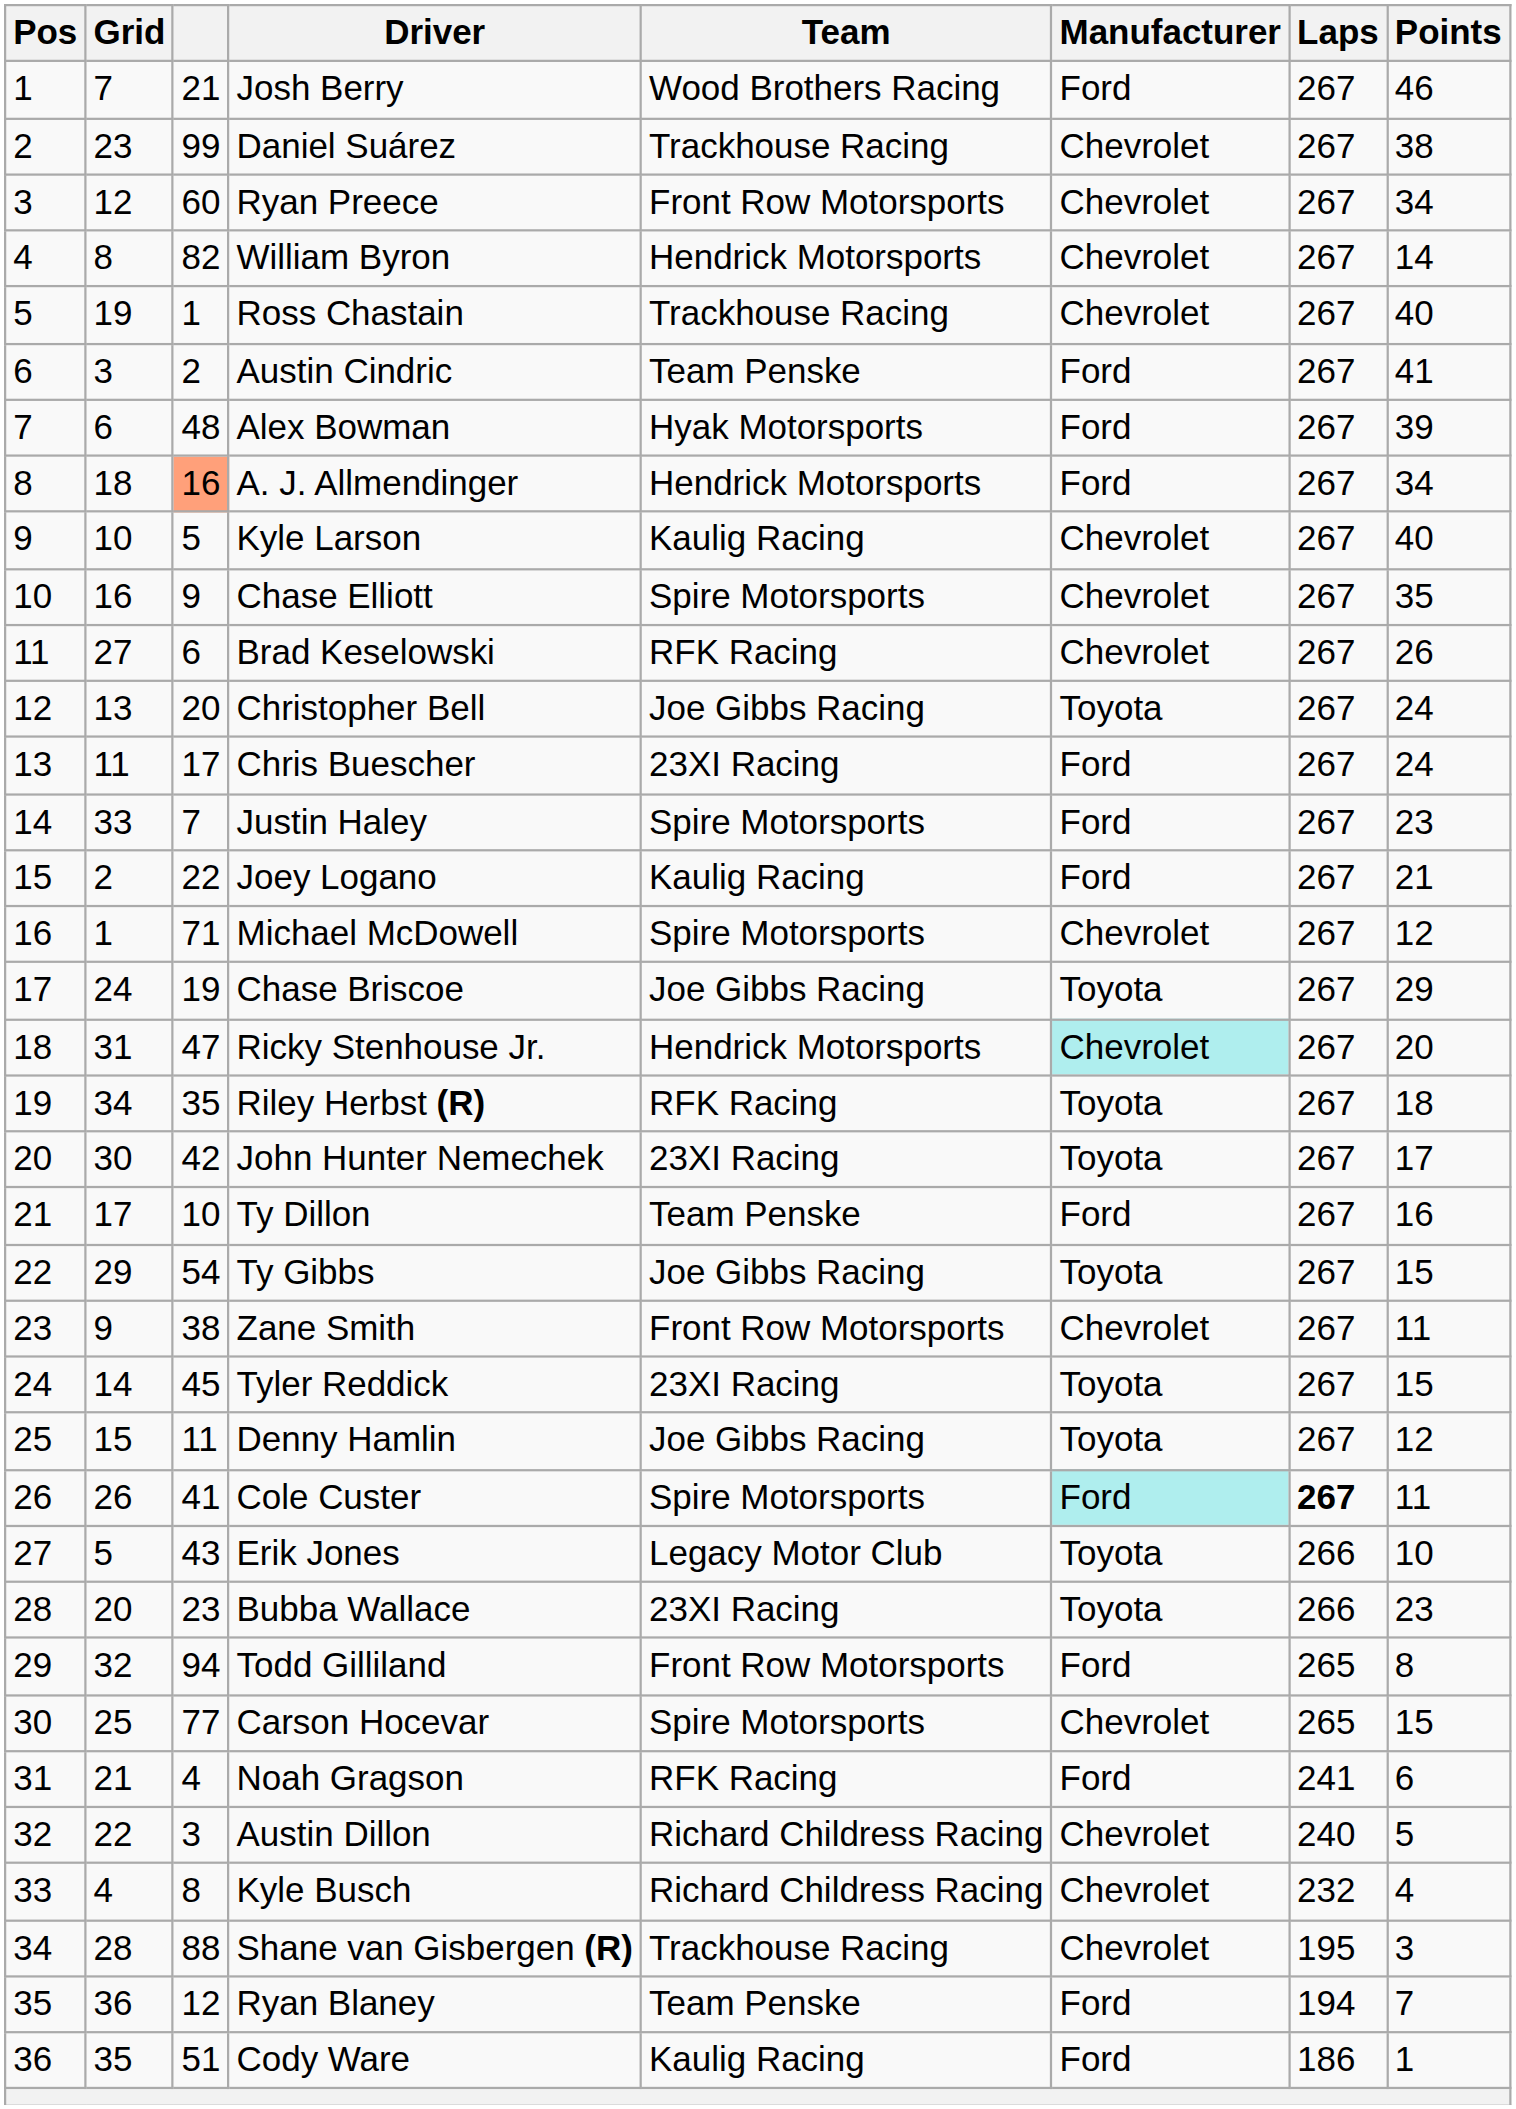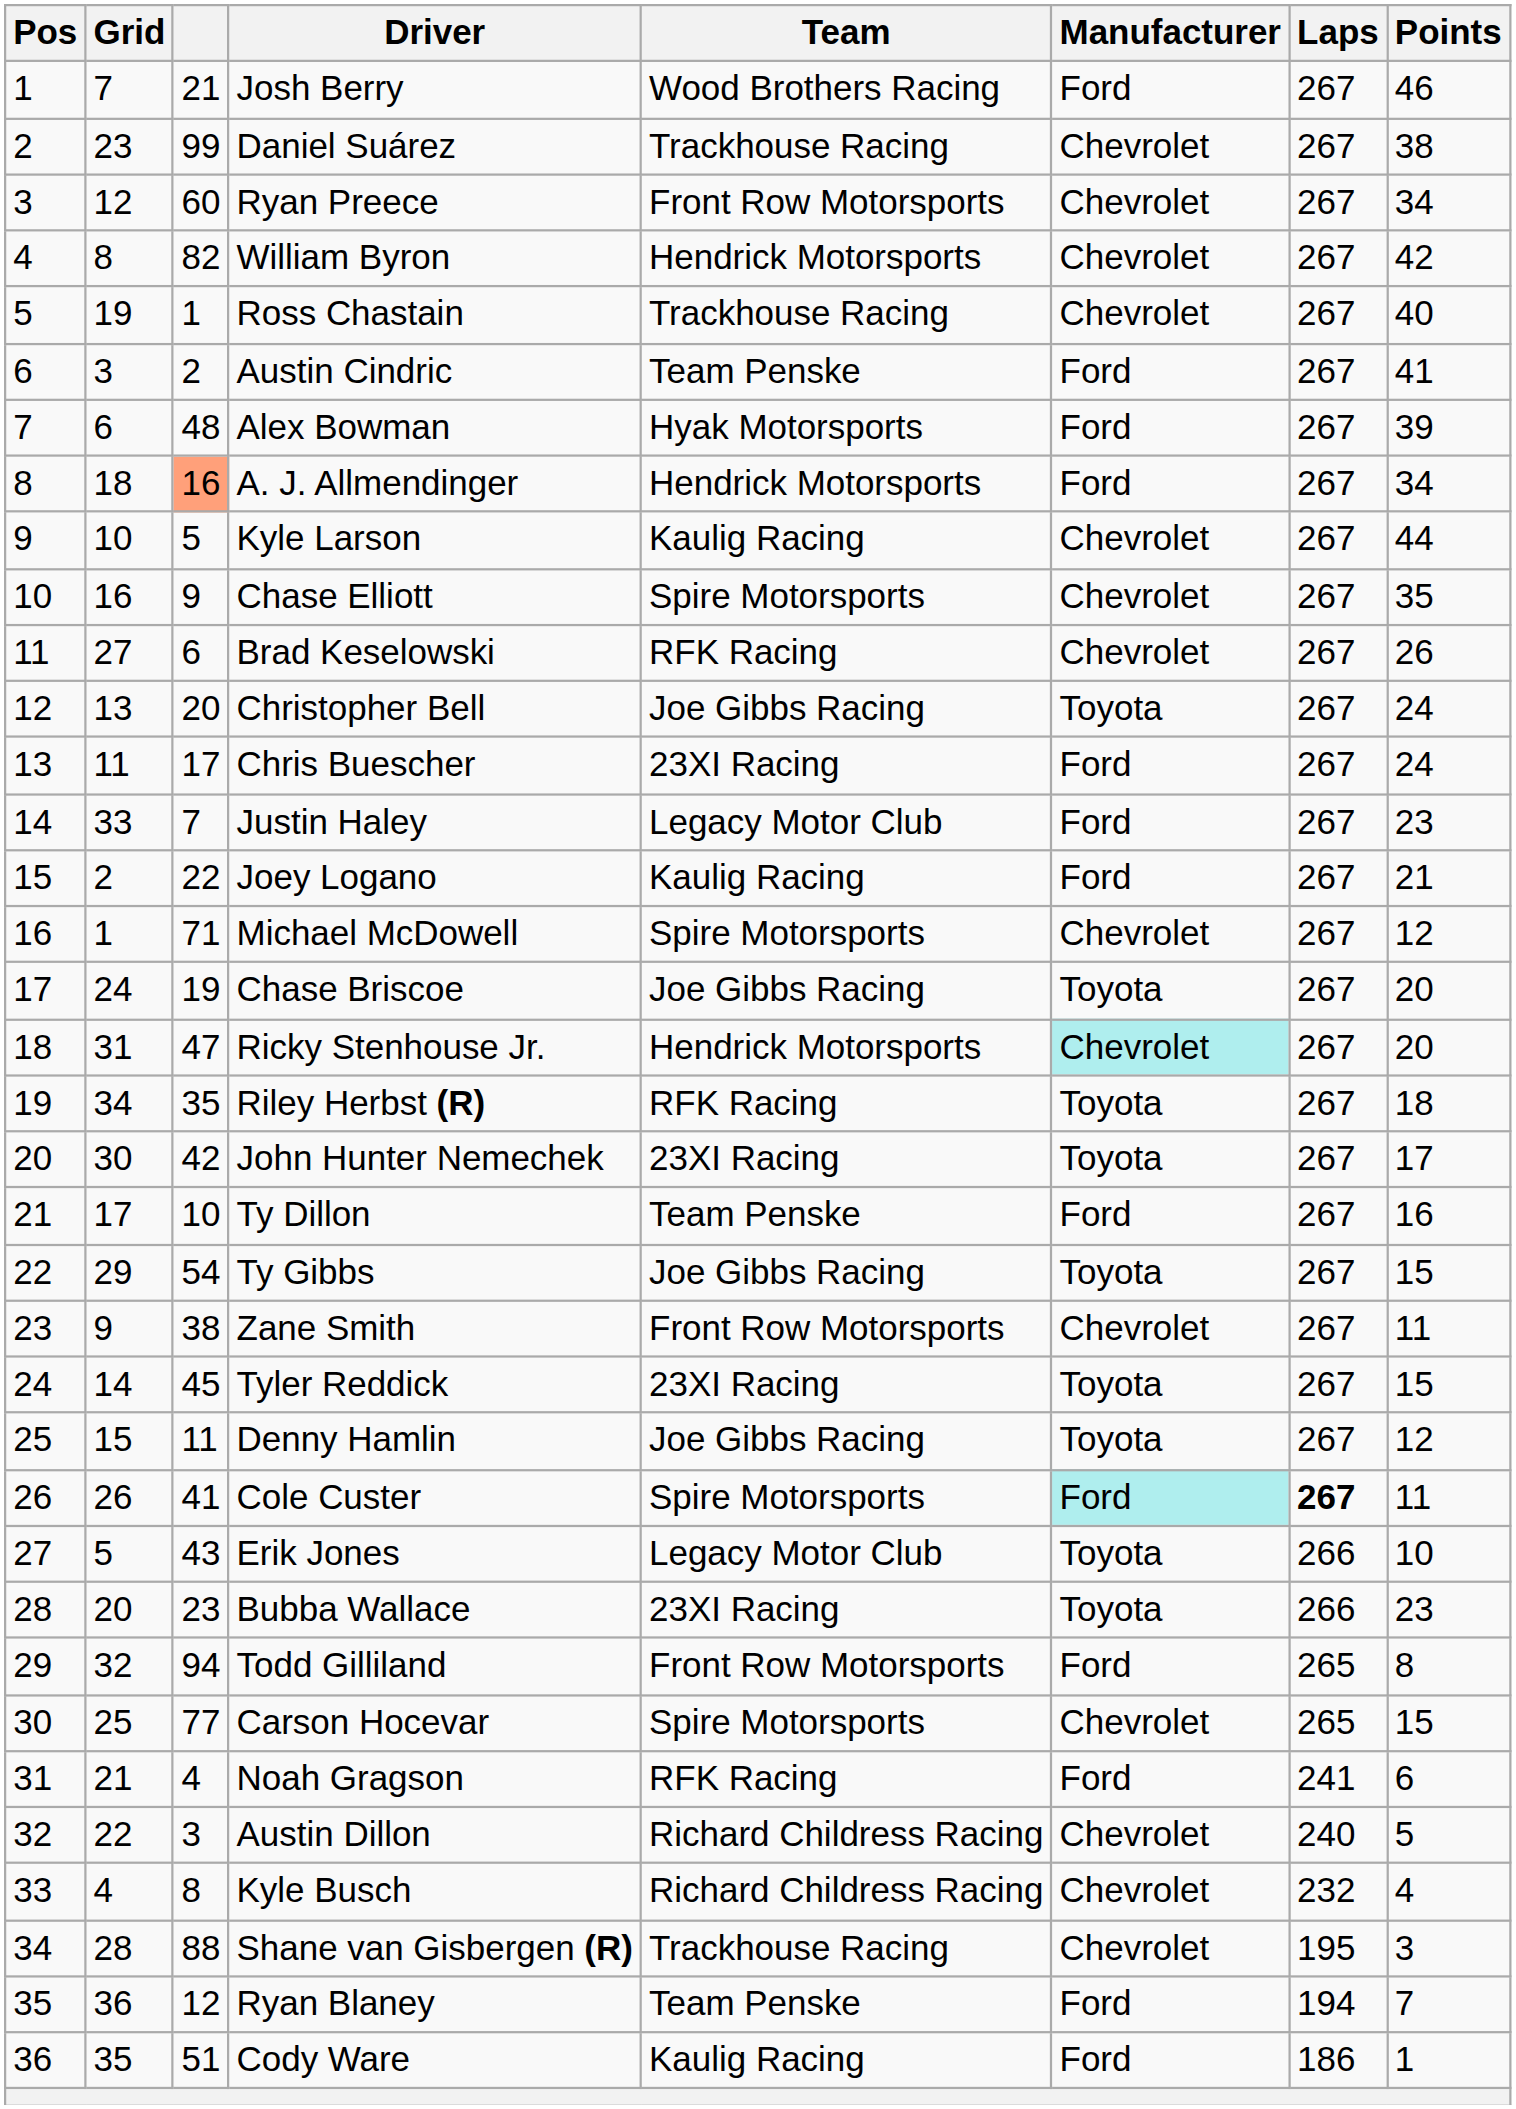 <table class="wikitable" style="font-size:98%">
 <tr>
 <th>Pos</th>
 <th>Grid</th>
 <th></th>
 <th>Driver</th>
 <th>Team</th>
 <th>Manufacturer</th>
 <th>Laps</th>
 <th>Points</th>
 </tr>
 <tr>
 <td>1</td>
 <td>7</td>
 <td>21</td>
 <td>Josh Berry</td>
 <td>Wood Brothers Racing</td>
 <td>Ford</td>
 <td>267</td>
 <td>46</td>
 </tr>
 <tr>
 <td>2</td>
 <td>23</td>
 <td>99</td>
 <td>Daniel Suárez</td>
 <td>Trackhouse Racing</td>
 <td>Chevrolet</td>
 <td>267</td>
 <td>38</td>
 </tr>
 <tr>
 <td>3</td>
 <td>12</td>
 <td>60</td>
 <td>Ryan Preece</td>
 <td>Front Row Motorsports</td>
 <td>Chevrolet</td>
 <td>267</td>
 <td>34</td>
 </tr>
 <tr>
 <td>4</td>
 <td>8</td>
 <td>82</td>
 <td>William Byron</td>
 <td>Hendrick Motorsports</td>
 <td>Chevrolet</td>
 <td>267</td>
-<td>14</td>
+<td>42</td>
 </tr>
 <tr>
 <td>5</td>
 <td>19</td>
 <td>1</td>
 <td>Ross Chastain</td>
 <td>Trackhouse Racing</td>
 <td>Chevrolet</td>
 <td>267</td>
 <td>40</td>
 </tr>
 <tr>
 <td>6</td>
 <td>3</td>
 <td>2</td>
 <td>Austin Cindric</td>
 <td>Team Penske</td>
 <td>Ford</td>
 <td>267</td>
 <td>41</td>
 </tr>
 <tr>
 <td>7</td>
 <td>6</td>
 <td>48</td>
 <td>Alex Bowman</td>
 <td>Hyak Motorsports</td>
 <td>Ford</td>
 <td>267</td>
 <td>39</td>
 </tr>
 <tr>
 <td>8</td>
 <td>18</td>
 <td style="background: lightsalmon;">16</td>
 <td>A. J. Allmendinger</td>
 <td>Hendrick Motorsports</td>
 <td>Ford</td>
 <td>267</td>
 <td>34</td>
 </tr>
 <tr>
 <td>9</td>
 <td>10</td>
 <td>5</td>
 <td>Kyle Larson</td>
 <td>Kaulig Racing</td>
 <td>Chevrolet</td>
 <td>267</td>
-<td>40</td>
+<td>44</td>
 </tr>
 <tr>
 <td>10</td>
 <td>16</td>
 <td>9</td>
 <td>Chase Elliott</td>
 <td>Spire Motorsports</td>
 <td>Chevrolet</td>
 <td>267</td>
 <td>35</td>
 </tr>
 <tr>
 <td>11</td>
 <td>27</td>
 <td>6</td>
 <td>Brad Keselowski</td>
 <td>RFK Racing</td>
 <td>Chevrolet</td>
 <td>267</td>
 <td>26</td>
 </tr>
 <tr>
 <td>12</td>
 <td>13</td>
 <td>20</td>
 <td>Christopher Bell</td>
 <td>Joe Gibbs Racing</td>
 <td>Toyota</td>
 <td>267</td>
 <td>24</td>
 </tr>
 <tr>
 <td>13</td>
 <td>11</td>
 <td>17</td>
 <td>Chris Buescher</td>
 <td>23XI Racing</td>
 <td>Ford</td>
 <td>267</td>
 <td>24</td>
 </tr>
 <tr>
 <td>14</td>
 <td>33</td>
 <td>7</td>
 <td>Justin Haley</td>
-<td>Spire Motorsports</td>
+<td>Legacy Motor Club</td>
 <td>Ford</td>
 <td>267</td>
 <td>23</td>
 </tr>
 <tr>
 <td>15</td>
 <td>2</td>
 <td>22</td>
 <td>Joey Logano</td>
 <td>Kaulig Racing</td>
 <td>Ford</td>
 <td>267</td>
 <td>21</td>
 </tr>
 <tr>
 <td>16</td>
 <td>1</td>
 <td>71</td>
 <td>Michael McDowell</td>
 <td>Spire Motorsports</td>
 <td>Chevrolet</td>
 <td>267</td>
 <td>12</td>
 </tr>
 <tr>
 <td>17</td>
 <td>24</td>
 <td>19</td>
 <td>Chase Briscoe</td>
 <td>Joe Gibbs Racing</td>
 <td>Toyota</td>
 <td>267</td>
-<td>29</td>
+<td>20</td>
 </tr>
 <tr>
 <td>18</td>
 <td>31</td>
 <td>47</td>
 <td>Ricky Stenhouse Jr.</td>
 <td>Hendrick Motorsports</td>
 <td style="background: paleturquoise;">Chevrolet</td>
 <td>267</td>
 <td>20</td>
 </tr>
 <tr>
 <td>19</td>
 <td>34</td>
 <td>35</td>
 <td>Riley Herbst <strong>(R)</strong></td>
 <td>RFK Racing</td>
 <td>Toyota</td>
 <td>267</td>
 <td>18</td>
 </tr>
 <tr>
 <td>20</td>
 <td>30</td>
 <td>42</td>
 <td>John Hunter Nemechek</td>
 <td>23XI Racing</td>
 <td>Toyota</td>
 <td>267</td>
 <td>17</td>
 </tr>
 <tr>
 <td>21</td>
 <td>17</td>
 <td>10</td>
 <td>Ty Dillon</td>
 <td>Team Penske</td>
 <td>Ford</td>
 <td>267</td>
 <td>16</td>
 </tr>
 <tr>
 <td>22</td>
 <td>29</td>
 <td>54</td>
 <td>Ty Gibbs</td>
 <td>Joe Gibbs Racing</td>
 <td>Toyota</td>
 <td>267</td>
 <td>15</td>
 </tr>
 <tr>
 <td>23</td>
 <td>9</td>
 <td>38</td>
 <td>Zane Smith</td>
 <td>Front Row Motorsports</td>
 <td>Chevrolet</td>
 <td>267</td>
 <td>11</td>
 </tr>
 <tr>
 <td>24</td>
 <td>14</td>
 <td>45</td>
 <td>Tyler Reddick</td>
 <td>23XI Racing</td>
 <td>Toyota</td>
 <td>267</td>
 <td>15</td>
 </tr>
 <tr>
 <td>25</td>
 <td>15</td>
 <td>11</td>
 <td>Denny Hamlin</td>
 <td>Joe Gibbs Racing</td>
 <td>Toyota</td>
 <td>267</td>
 <td>12</td>
 </tr>
 <tr>
 <td>26</td>
 <td>26</td>
 <td>41</td>
 <td>Cole Custer</td>
 <td>Spire Motorsports</td>
 <td style="background: paleturquoise;">Ford</td>
 <td><strong>267</strong></td>
 <td>11</td>
 </tr>
 <tr>
 <td>27</td>
 <td>5</td>
 <td>43</td>
 <td>Erik Jones</td>
 <td>Legacy Motor Club</td>
 <td>Toyota</td>
 <td>266</td>
 <td>10</td>
 </tr>
 <tr>
 <td>28</td>
 <td>20</td>
 <td>23</td>
 <td>Bubba Wallace</td>
 <td>23XI Racing</td>
 <td>Toyota</td>
 <td>266</td>
 <td>23</td>
 </tr>
 <tr>
 <td>29</td>
 <td>32</td>
 <td>94</td>
 <td>Todd Gilliland</td>
 <td>Front Row Motorsports</td>
 <td>Ford</td>
 <td>265</td>
 <td>8</td>
 </tr>
 <tr>
 <td>30</td>
 <td>25</td>
 <td>77</td>
 <td>Carson Hocevar</td>
 <td>Spire Motorsports</td>
 <td>Chevrolet</td>
 <td>265</td>
 <td>15</td>
 </tr>
 <tr>
 <td>31</td>
 <td>21</td>
 <td>4</td>
 <td>Noah Gragson</td>
 <td>RFK Racing</td>
 <td>Ford</td>
 <td>241</td>
 <td>6</td>
 </tr>
 <tr>
 <td>32</td>
 <td>22</td>
 <td>3</td>
 <td>Austin Dillon</td>
 <td>Richard Childress Racing</td>
 <td>Chevrolet</td>
 <td>240</td>
 <td>5</td>
 </tr>
 <tr>
 <td>33</td>
 <td>4</td>
 <td>8</td>
 <td>Kyle Busch</td>
 <td>Richard Childress Racing</td>
 <td>Chevrolet</td>
 <td>232</td>
 <td>4</td>
 </tr>
 <tr>
 <td>34</td>
 <td>28</td>
 <td>88</td>
 <td>Shane van Gisbergen <strong>(R)</strong></td>
 <td>Trackhouse Racing</td>
 <td>Chevrolet</td>
 <td>195</td>
 <td>3</td>
 </tr>
 <tr>
 <td>35</td>
 <td>36</td>
 <td>12</td>
 <td>Ryan Blaney</td>
 <td>Team Penske</td>
 <td>Ford</td>
 <td>194</td>
 <td>7</td>
 </tr>
 <tr>
 <td>36</td>
 <td>35</td>
 <td>51</td>
 <td>Cody Ware</td>
 <td>Kaulig Racing</td>
 <td>Ford</td>
 <td>186</td>
 <td>1</td>
 </tr>
 <tr>
 <th colspan="8"></th>
 </tr>
 </table>
